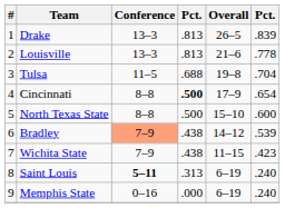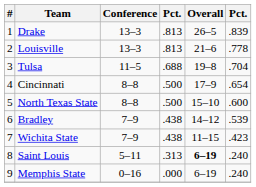 <table class="wikitable">
 <tr>
 <th>#</th>
 <th>Team</th>
 <th>Conference</th>
 <th>Pct.</th>
 <th>Overall</th>
 <th>Pct.</th>
 </tr>
 <tr>
 <td>1</td>
 <td><a href='#'>Drake</a></td>
 <td style="text-align:center">13–3</td>
 <td>.813</td>
 <td style="text-align:center">26–5</td>
 <td>.839</td>
 </tr>
 <tr>
 <td>2</td>
 <td><a href='#'>Louisville</a></td>
 <td style="text-align:center">13–3</td>
 <td>.813</td>
 <td style="text-align:center">21–6</td>
 <td>.778</td>
 </tr>
 <tr>
 <td>3</td>
 <td><a href='#'>Tulsa</a></td>
 <td style="text-align:center">11–5</td>
 <td>.688</td>
 <td style="text-align:center">19–8</td>
 <td>.704</td>
 </tr>
 <tr>
 <td>4</td>
 <td>Cincinnati</td>
 <td style="text-align:center">8–8</td>
-<td><strong>.500</strong></td>
+<td>.500</td>
 <td style="text-align:center">17–9</td>
 <td>.654</td>
 </tr>
 <tr>
 <td>5</td>
 <td><a href='#'>North Texas State</a></td>
 <td style="text-align:center">8–8</td>
 <td>.500</td>
 <td style="text-align:center">15–10</td>
 <td>.600</td>
 </tr>
 <tr>
 <td>6</td>
 <td><a href='#'>Bradley</a></td>
-<td style="background: lightsalmon; text-align:center">7–9</td>
+<td style="text-align:center">7–9</td>
 <td>.438</td>
 <td style="text-align:center">14–12</td>
 <td>.539</td>
 </tr>
 <tr>
 <td>7</td>
 <td><a href='#'>Wichita State</a></td>
 <td style="text-align:center">7–9</td>
 <td>.438</td>
 <td style="text-align:center">11–15</td>
 <td>.423</td>
 </tr>
 <tr>
 <td>8</td>
 <td><a href='#'>Saint Louis</a></td>
-<td style="text-align:center"><strong>5–11</strong></td>
+<td style="text-align:center">5–11</td>
 <td>.313</td>
-<td style="text-align:center">6–19</td>
+<td style="text-align:center"><strong>6–19</strong></td>
 <td>.240</td>
 </tr>
 <tr>
 <td>9</td>
 <td><a href='#'>Memphis State</a></td>
 <td style="text-align:center">0–16</td>
 <td>.000</td>
 <td style="text-align:center">6–19</td>
 <td>.240</td>
 </tr>
 <tr>
 </tr>
 </table>
